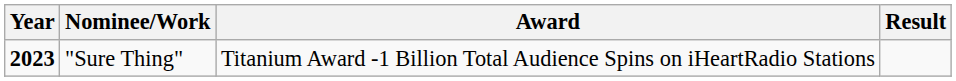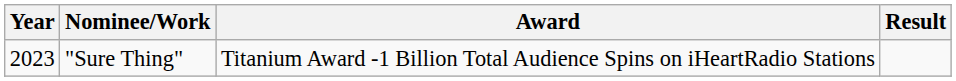 <table class="wikitable">
 <tr>
 <th>Year</th>
 <th>Nominee/Work</th>
 <th>Award</th>
 <th>Result</th>
 </tr>
 <tr>
-<td><strong>2023</strong></td>
+<td>2023</td>
 <td>"Sure Thing"</td>
 <td>Titanium Award -1 Billion Total Audience Spins on iHeartRadio Stations</td>
 <td></td>
 </tr>
 </table>
